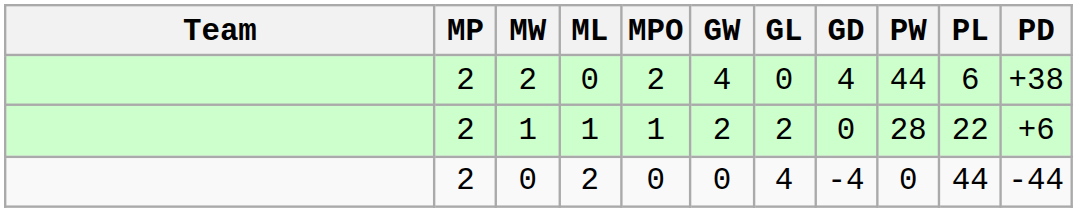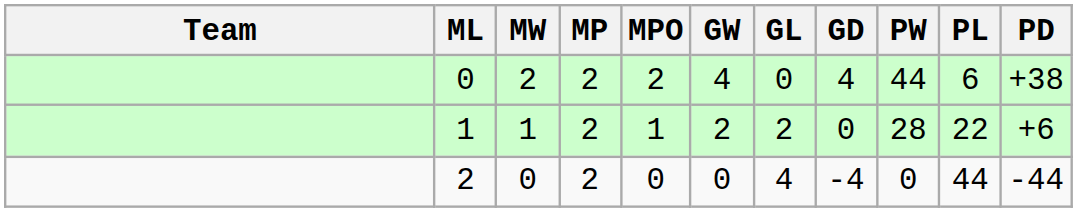 <table class=wikitable style="text-align:center">
 <tr>
 <th width=175>Team</th>
+<th width=20>ML</th>
+<th width=20>MW</th>
 <th width=20>MP</th>
-<th width=20>MW</th>
-<th width=20>ML</th>
 <th width=20>MPO</th>
 <th width=20>GW</th>
 <th width=20>GL</th>
 <th width=20>GD</th>
 <th width=20>PW</th>
 <th width=20>PL</th>
 <th width=20>PD</th>
 </tr>
 <tr bgcolor="#ccffcc">
 <td align=left><strong><br></strong></td>
+<td>0</td>
 <td>2</td>
 <td>2</td>
-<td>0</td>
 <td>2</td>
 <td>4</td>
 <td>0</td>
 <td>4</td>
 <td>44</td>
 <td>6</td>
 <td>+38</td>
 </tr>
 <tr bgcolor="#ccffcc">
 <td align=left><strong><br></strong></td>
-<td>2</td>
 <td>1</td>
 <td>1</td>
+<td>2</td>
 <td>1</td>
 <td>2</td>
 <td>2</td>
 <td>0</td>
 <td>28</td>
 <td>22</td>
 <td>+6</td>
 </tr>
 <tr>
 <td align=left><br></td>
 <td>2</td>
 <td>0</td>
 <td>2</td>
 <td>0</td>
 <td>0</td>
 <td>4</td>
 <td>-4</td>
 <td>0</td>
 <td>44</td>
 <td>-44</td>
 </tr>
 </table>
